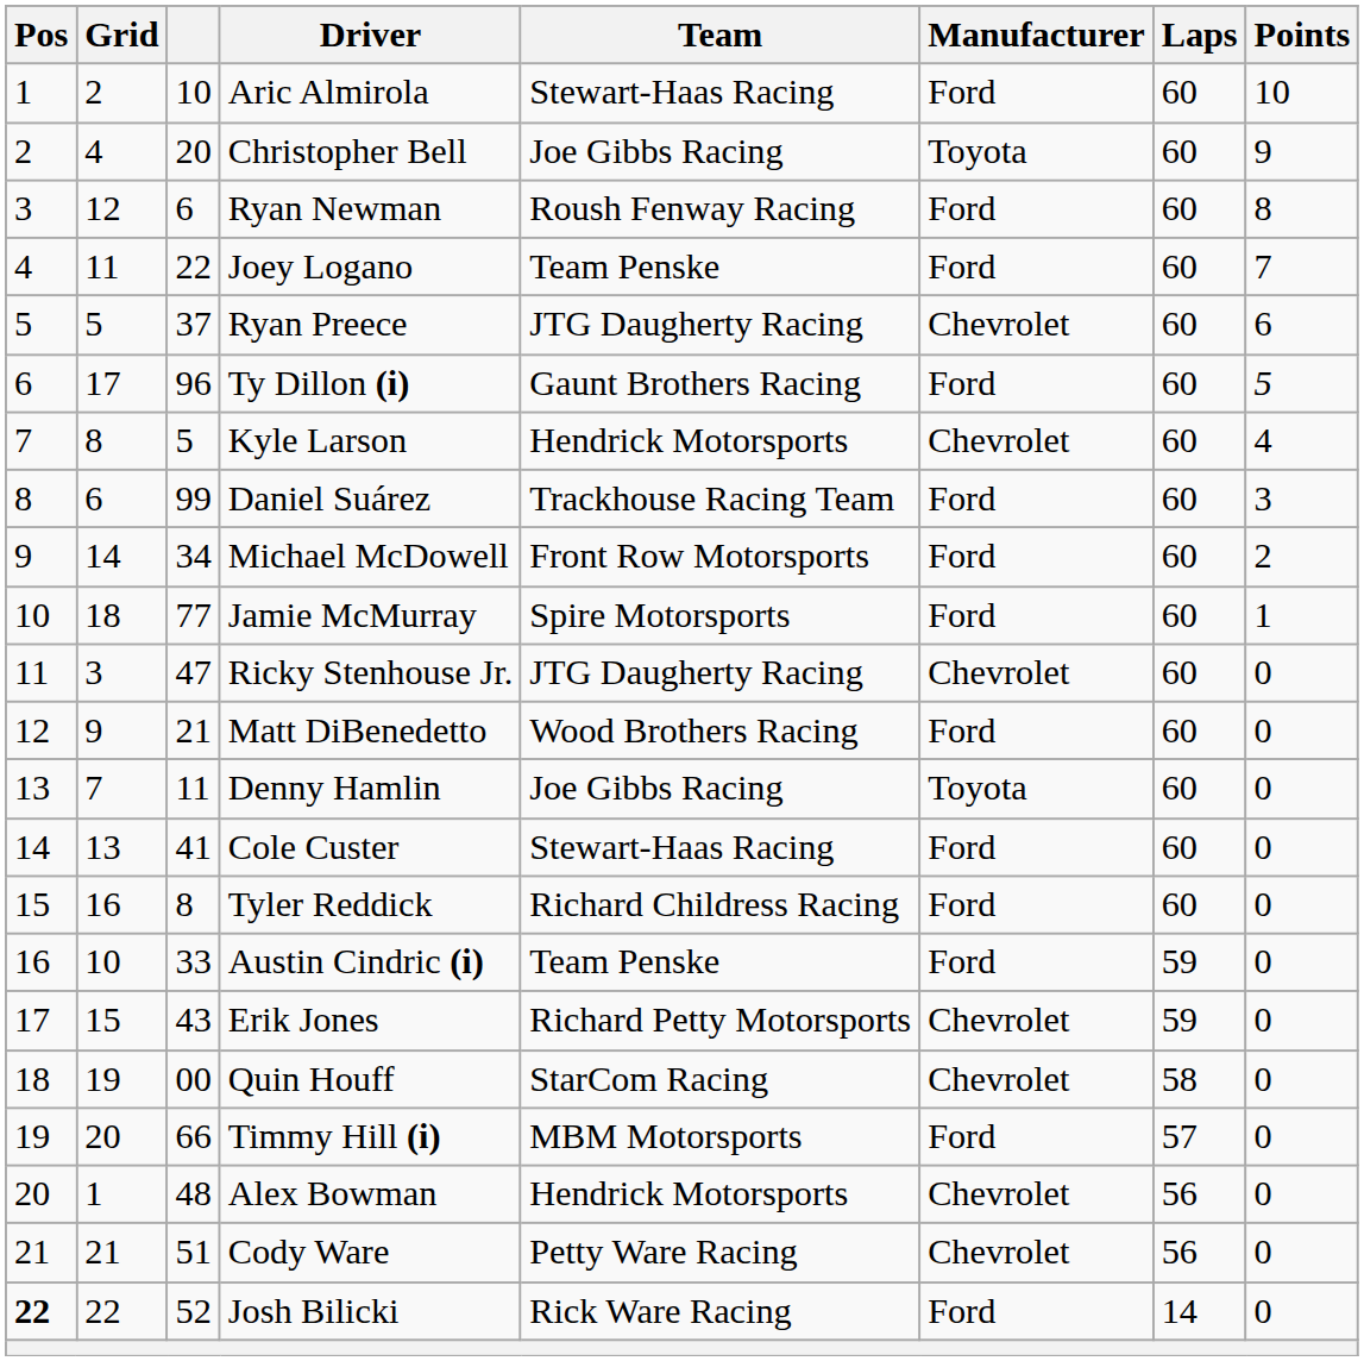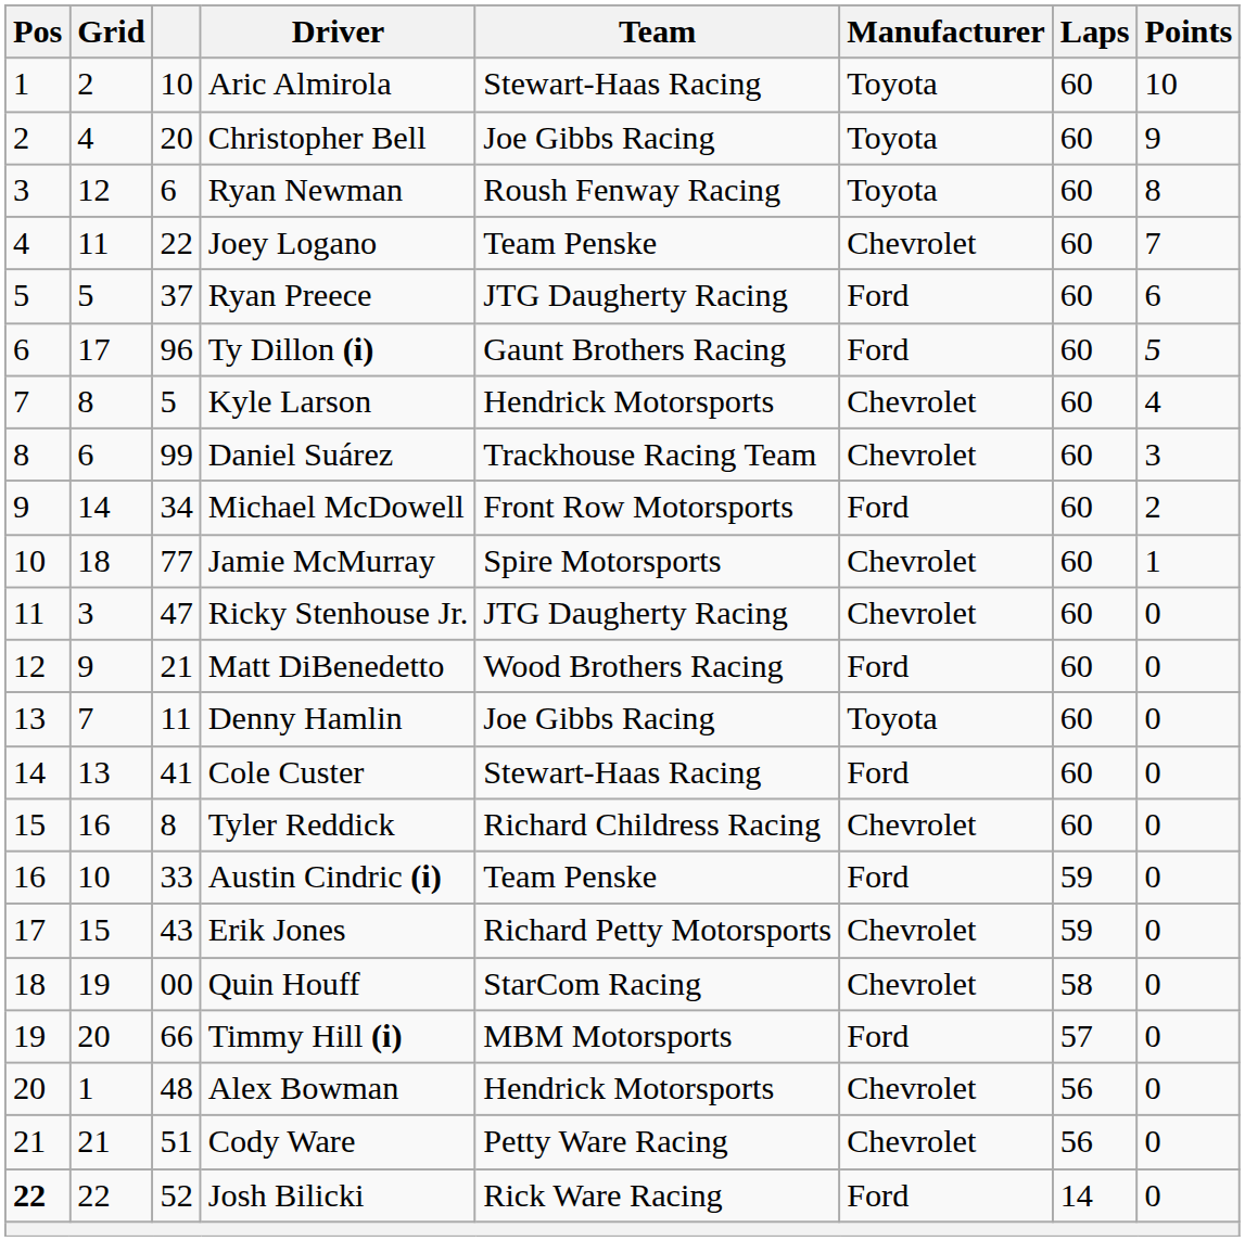 <table class="wikitable" style="font-size:98%">
 <tr>
 <th>Pos</th>
 <th>Grid</th>
 <th></th>
 <th>Driver</th>
 <th>Team</th>
 <th>Manufacturer</th>
 <th>Laps</th>
 <th>Points</th>
 </tr>
 <tr>
 <td>1</td>
 <td>2</td>
 <td>10</td>
 <td>Aric Almirola</td>
 <td>Stewart-Haas Racing</td>
-<td>Ford</td>
+<td>Toyota</td>
 <td>60</td>
 <td>10</td>
 </tr>
 <tr>
 <td>2</td>
 <td>4</td>
 <td>20</td>
 <td>Christopher Bell</td>
 <td>Joe Gibbs Racing</td>
 <td>Toyota</td>
 <td>60</td>
 <td>9</td>
 </tr>
 <tr>
 <td>3</td>
 <td>12</td>
 <td>6</td>
 <td>Ryan Newman</td>
 <td>Roush Fenway Racing</td>
-<td>Ford</td>
+<td>Toyota</td>
 <td>60</td>
 <td>8</td>
 </tr>
 <tr>
 <td>4</td>
 <td>11</td>
 <td>22</td>
 <td>Joey Logano</td>
 <td>Team Penske</td>
-<td>Ford</td>
+<td>Chevrolet</td>
 <td>60</td>
 <td>7</td>
 </tr>
 <tr>
 <td>5</td>
 <td>5</td>
 <td>37</td>
 <td>Ryan Preece</td>
 <td>JTG Daugherty Racing</td>
-<td>Chevrolet</td>
+<td>Ford</td>
 <td>60</td>
 <td>6</td>
 </tr>
 <tr>
 <td>6</td>
 <td>17</td>
 <td>96</td>
 <td>Ty Dillon <strong>(i)</strong></td>
 <td>Gaunt Brothers Racing</td>
 <td>Ford</td>
 <td>60</td>
 <td><em>5</em></td>
 </tr>
 <tr>
 <td>7</td>
 <td>8</td>
 <td>5</td>
 <td>Kyle Larson</td>
 <td>Hendrick Motorsports</td>
 <td>Chevrolet</td>
 <td>60</td>
 <td>4</td>
 </tr>
 <tr>
 <td>8</td>
 <td>6</td>
 <td>99</td>
 <td>Daniel Suárez</td>
 <td>Trackhouse Racing Team</td>
-<td>Ford</td>
+<td>Chevrolet</td>
 <td>60</td>
 <td>3</td>
 </tr>
 <tr>
 <td>9</td>
 <td>14</td>
 <td>34</td>
 <td>Michael McDowell</td>
 <td>Front Row Motorsports</td>
 <td>Ford</td>
 <td>60</td>
 <td>2</td>
 </tr>
 <tr>
 <td>10</td>
 <td>18</td>
 <td>77</td>
 <td>Jamie McMurray</td>
 <td>Spire Motorsports</td>
-<td>Ford</td>
+<td>Chevrolet</td>
 <td>60</td>
 <td>1</td>
 </tr>
 <tr>
 <td>11</td>
 <td>3</td>
 <td>47</td>
 <td>Ricky Stenhouse Jr.</td>
 <td>JTG Daugherty Racing</td>
 <td>Chevrolet</td>
 <td>60</td>
 <td>0</td>
 </tr>
 <tr>
 <td>12</td>
 <td>9</td>
 <td>21</td>
 <td>Matt DiBenedetto</td>
 <td>Wood Brothers Racing</td>
 <td>Ford</td>
 <td>60</td>
 <td>0</td>
 </tr>
 <tr>
 <td>13</td>
 <td>7</td>
 <td>11</td>
 <td>Denny Hamlin</td>
 <td>Joe Gibbs Racing</td>
 <td>Toyota</td>
 <td>60</td>
 <td>0</td>
 </tr>
 <tr>
 <td>14</td>
 <td>13</td>
 <td>41</td>
 <td>Cole Custer</td>
 <td>Stewart-Haas Racing</td>
 <td>Ford</td>
 <td>60</td>
 <td>0</td>
 </tr>
 <tr>
 <td>15</td>
 <td>16</td>
 <td>8</td>
 <td>Tyler Reddick</td>
 <td>Richard Childress Racing</td>
-<td>Ford</td>
+<td>Chevrolet</td>
 <td>60</td>
 <td>0</td>
 </tr>
 <tr>
 <td>16</td>
 <td>10</td>
 <td>33</td>
 <td>Austin Cindric <strong>(i)</strong></td>
 <td>Team Penske</td>
 <td>Ford</td>
 <td>59</td>
 <td>0</td>
 </tr>
 <tr>
 <td>17</td>
 <td>15</td>
 <td>43</td>
 <td>Erik Jones</td>
 <td>Richard Petty Motorsports</td>
 <td>Chevrolet</td>
 <td>59</td>
 <td>0</td>
 </tr>
 <tr>
 <td>18</td>
 <td>19</td>
 <td>00</td>
 <td>Quin Houff</td>
 <td>StarCom Racing</td>
 <td>Chevrolet</td>
 <td>58</td>
 <td>0</td>
 </tr>
 <tr>
 <td>19</td>
 <td>20</td>
 <td>66</td>
 <td>Timmy Hill <strong>(i)</strong></td>
 <td>MBM Motorsports</td>
 <td>Ford</td>
 <td>57</td>
 <td>0</td>
 </tr>
 <tr>
 <td>20</td>
 <td>1</td>
 <td>48</td>
 <td>Alex Bowman</td>
 <td>Hendrick Motorsports</td>
 <td>Chevrolet</td>
 <td>56</td>
 <td>0</td>
 </tr>
 <tr>
 <td>21</td>
 <td>21</td>
 <td>51</td>
 <td>Cody Ware</td>
 <td>Petty Ware Racing</td>
 <td>Chevrolet</td>
 <td>56</td>
 <td>0</td>
 </tr>
 <tr>
 <td><strong>22</strong></td>
 <td>22</td>
 <td>52</td>
 <td>Josh Bilicki</td>
 <td>Rick Ware Racing</td>
 <td>Ford</td>
 <td>14</td>
 <td>0</td>
 </tr>
 <tr>
 <th colspan="8"></th>
 </tr>
 </table>
